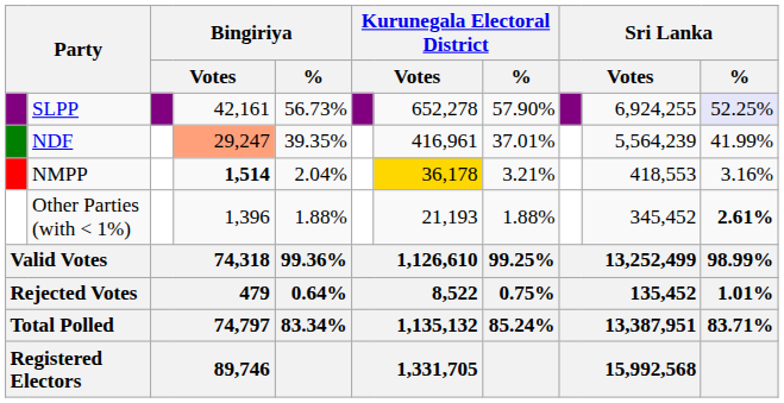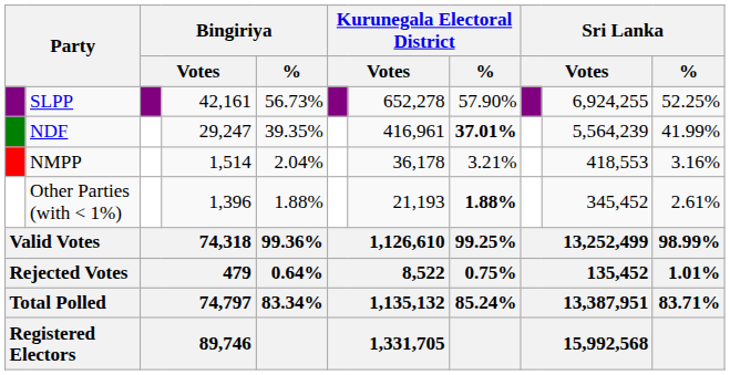 <table class="wikitable">
 <tr>
 <th colspan="2" width="144px"rowspan="2">Party</th>
 <th colspan="3" width="216px">Bingiriya</th>
 <th colspan="3" width="216px"><a href='#'>Kurunegala Electoral District</a></th>
 <th colspan="3" width="216px">Sri Lanka</th>
 </tr>
 <tr>
 <th colspan="2" width="144px">Votes</th>
 <th>%</th>
 <th colspan="2" width="144px">Votes</th>
 <th>%</th>
 <th colspan="2" width="144px">Votes</th>
 <th>%</th>
 </tr>
 <tr>
 <td style="background-color:purple;" width="10px"></td>
 <td style="text-align:left;"><a href='#'>SLPP</a></td>
 <td style="background-color:purple;" width="10px"></td>
 <td style="text-align:right;">42,161</td>
 <td style="text-align:right;">56.73%</td>
 <td style="background-color:purple;" width="10px"></td>
 <td style="text-align:right;">652,278</td>
 <td style="text-align:right;">57.90%</td>
 <td style="background-color:purple;" width="10px"></td>
 <td style="text-align:right;">6,924,255</td>
-<td style="background: lavender; text-align:right;">52.25%</td>
+<td style="text-align:right;">52.25%</td>
 </tr>
 <tr>
 <td style="background-color:green;" width="10px"></td>
 <td style="text-align:left;"><a href='#'>NDF</a></td>
 <td style="background-color:white;" width="10px"></td>
-<td style="background: lightsalmon; text-align:right;">29,247</td>
+<td style="text-align:right;">29,247</td>
 <td style="text-align:right;">39.35%</td>
 <td style="background-color:white;" width="10px"></td>
 <td style="text-align:right;">416,961</td>
-<td style="text-align:right;">37.01%</td>
+<td style="text-align:right;"><strong>37.01%</strong></td>
 <td style="background-color:white;" width="10px"></td>
 <td style="text-align:right;">5,564,239</td>
 <td style="text-align:right;">41.99%</td>
 </tr>
 <tr>
 <td style="background-color:red;" width="10px"></td>
 <td style="text-align:left;">NMPP</td>
 <td style="background-color:white;" width="10px"></td>
-<td style="text-align:right;"><strong>1,514</strong></td>
+<td style="text-align:right;">1,514</td>
 <td style="text-align:right;">2.04%</td>
 <td style="background-color:white;" width="10px"></td>
-<td style="background: gold; text-align:right;">36,178</td>
+<td style="text-align:right;">36,178</td>
 <td style="text-align:right;">3.21%</td>
 <td style="background-color:white;" width="10px"></td>
 <td style="text-align:right;">418,553</td>
 <td style="text-align:right;">3.16%</td>
 </tr>
 <tr>
 <td style="background-color:white;" width="10px"></td>
 <td style="text-align:left;">Other Parties (with < 1%)</td>
 <td style="background-color:white;" width="10px"></td>
 <td style="text-align:right;">1,396</td>
 <td style="text-align:right;">1.88%</td>
 <td style="background-color:white;" width="10px"></td>
 <td style="text-align:right;">21,193</td>
-<td style="text-align:right;">1.88%</td>
+<td style="text-align:right;"><strong>1.88%</strong></td>
 <td style="background-color:white;" width="10px"></td>
 <td style="text-align:right;">345,452</td>
-<td style="text-align:right;"><strong>2.61%</strong></td>
+<td style="text-align:right;">2.61%</td>
 </tr>
 <tr>
 <th colspan="2" width="144px"style="text-align:left;">Valid Votes</th>
 <th style="text-align:right;"colspan="2" width="144px">74,318</th>
 <th style="text-align:right;">99.36%</th>
 <th style="text-align:right;"colspan="2" width="144px">1,126,610</th>
 <th style="text-align:right;">99.25%</th>
 <th style="text-align:right;"colspan="2" width="144px">13,252,499</th>
 <th style="text-align:right;">98.99%</th>
 </tr>
 <tr>
 <th colspan="2" width="144px"style="text-align:left;">Rejected Votes</th>
 <th style="text-align:right;"colspan="2" width="144px">479</th>
 <th style="text-align:right;">0.64%</th>
 <th style="text-align:right;"colspan="2" width="144px">8,522</th>
 <th style="text-align:right;">0.75%</th>
 <th style="text-align:right;"colspan="2" width="144px">135,452</th>
 <th style="text-align:right;">1.01%</th>
 </tr>
 <tr>
 <th colspan="2" width="144px"style="text-align:left;">Total Polled</th>
 <th style="text-align:right;"colspan="2" width="144px">74,797</th>
 <th style="text-align:right;">83.34%</th>
 <th style="text-align:right;"colspan="2" width="144px">1,135,132</th>
 <th style="text-align:right;">85.24%</th>
 <th style="text-align:right;"colspan="2" width="144px">13,387,951</th>
 <th style="text-align:right;">83.71%</th>
 </tr>
 <tr>
 <th colspan="2" width="144px"style="text-align:left;">Registered Electors</th>
 <th style="text-align:right;"colspan="2" width="144px">89,746</th>
 <th></th>
 <th style="text-align:right;"colspan="2" width="144px">1,331,705</th>
 <th></th>
 <th style="text-align:right;"colspan="2" width="144px">15,992,568</th>
 <th></th>
 </tr>
 </table>
